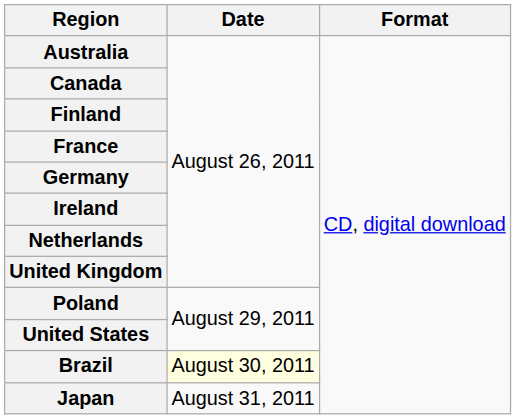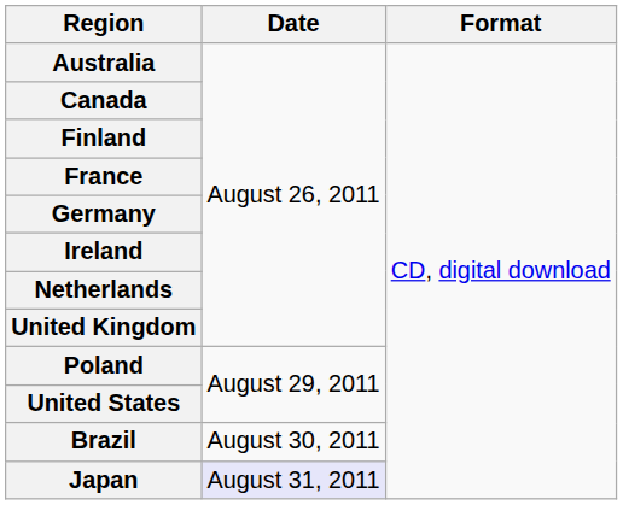 <table class="wikitable plainrowheaders">
 <tr>
 <th scope="col">Region</th>
 <th scope="col">Date</th>
 <th scope="col">Format</th>
 </tr>
 <tr>
 <th scope="row">Australia</th>
 <td rowspan="8">August 26, 2011</td>
 <td rowspan="12"><a href='#'>CD</a>, <a href='#'>digital download</a> </td>
 </tr>
 <tr>
 <th scope="row">Canada</th>
 </tr>
 <tr>
 <th scope="row">Finland</th>
 </tr>
 <tr>
 <th scope="row">France</th>
 </tr>
 <tr>
 <th scope="row">Germany</th>
 </tr>
 <tr>
 <th scope="row">Ireland</th>
 </tr>
 <tr>
 <th scope="row">Netherlands</th>
 </tr>
 <tr>
 <th scope="row">United Kingdom</th>
 </tr>
 <tr>
 <th scope="row">Poland</th>
 <td rowspan="2">August 29, 2011</td>
 </tr>
 <tr>
 <th scope="row">United States</th>
 </tr>
 <tr>
 <th scope="row">Brazil</th>
-<td style="background: lightyellow;">August 30, 2011</td>
+<td>August 30, 2011</td>
 </tr>
 <tr>
 <th scope="row">Japan</th>
-<td>August 31, 2011</td>
+<td style="background: lavender;">August 31, 2011</td>
 </tr>
 </table>
